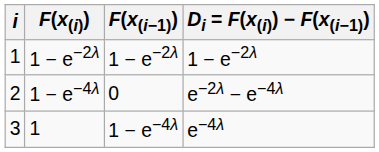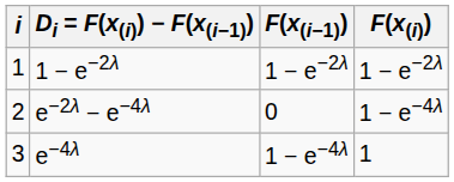 <table class="wikitable" style="margin:1em auto;">
 <tr>
 <th><em>i</em></th>
+<th><em>D</em><sub><em>i</em></sub> = <em>F</em>(<em>x</em><sub>(<em>i</em>)</sub>) − <em>F</em>(<em>x</em><sub>(<em>i</em>−1)</sub>)</th>
+<th><em>F</em>(<em>x</em><sub>(<em>i</em>−1)</sub>)</th>
 <th><em>F</em>(<em>x</em><sub>(<em>i</em>)</sub>)</th>
-<th><em>F</em>(<em>x</em><sub>(<em>i</em>−1)</sub>)</th>
-<th><em>D</em><sub><em>i</em></sub> = <em>F</em>(<em>x</em><sub>(<em>i</em>)</sub>) − <em>F</em>(<em>x</em><sub>(<em>i</em>−1)</sub>)</th>
 </tr>
 <tr>
 <td>1</td>
 <td>1 − e<sup>−2<em>λ</em></sup></td>
 <td>1 − e<sup>−2<em>λ</em></sup></td>
 <td>1 − e<sup>−2<em>λ</em></sup></td>
 </tr>
 <tr>
 <td>2</td>
+<td>e<sup>−2<em>λ</em></sup> − e<sup>−4<em>λ</em></sup></td>
+<td>0</td>
 <td>1 − e<sup>−4<em>λ</em></sup></td>
-<td>0</td>
-<td>e<sup>−2<em>λ</em></sup> − e<sup>−4<em>λ</em></sup></td>
 </tr>
 <tr>
 <td>3</td>
+<td>e<sup>−4<em>λ</em></sup></td>
+<td>1 − e<sup>−4<em>λ</em></sup></td>
 <td>1</td>
-<td>1 − e<sup>−4<em>λ</em></sup></td>
-<td>e<sup>−4<em>λ</em></sup></td>
 </tr>
 </table>
